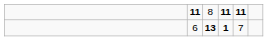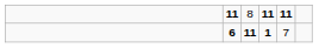 <table class="wikitable">
 <tr>
 <td style="width:18em"><strong></strong></td>
 <td align=center style="width:1em"><strong>11</strong></td>
 <td align=center style="width:1em">8</td>
 <td align=center style="width:1em"><strong>11</strong></td>
 <td align=center style="width:1em"><strong>11</strong></td>
 <td align=center style="width:1em"></td>
 </tr>
 <tr>
 <td style="width:18em"></td>
-<td align=center style="width:1em">6</td>
-<td align=center style="width:1em"><strong>13</strong></td>
+<td align=center style="width:1em"><strong>6</strong></td>
+<td align=center style="width:1em"><strong>11</strong></td>
 <td align=center style="width:1em"><strong>1</strong></td>
 <td align=center style="width:1em">7</td>
 <td align=center style="width:1em"></td>
 </tr>
 </table>
